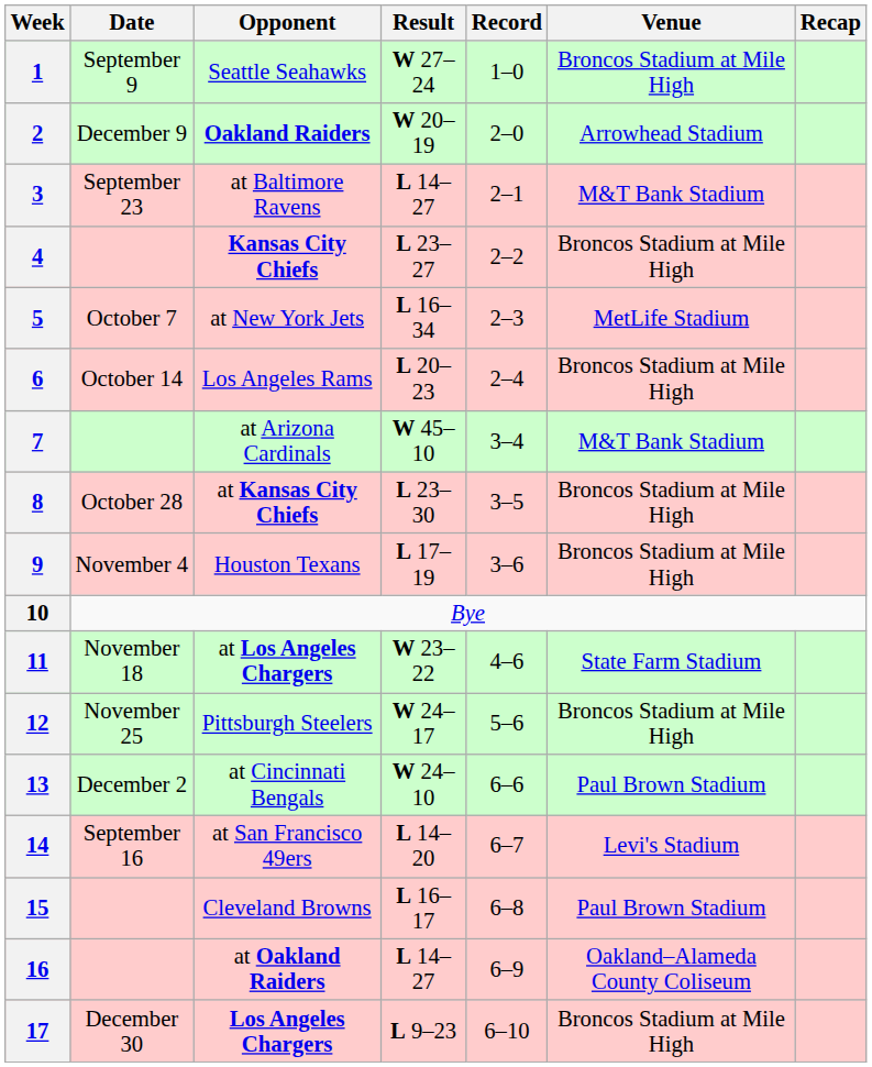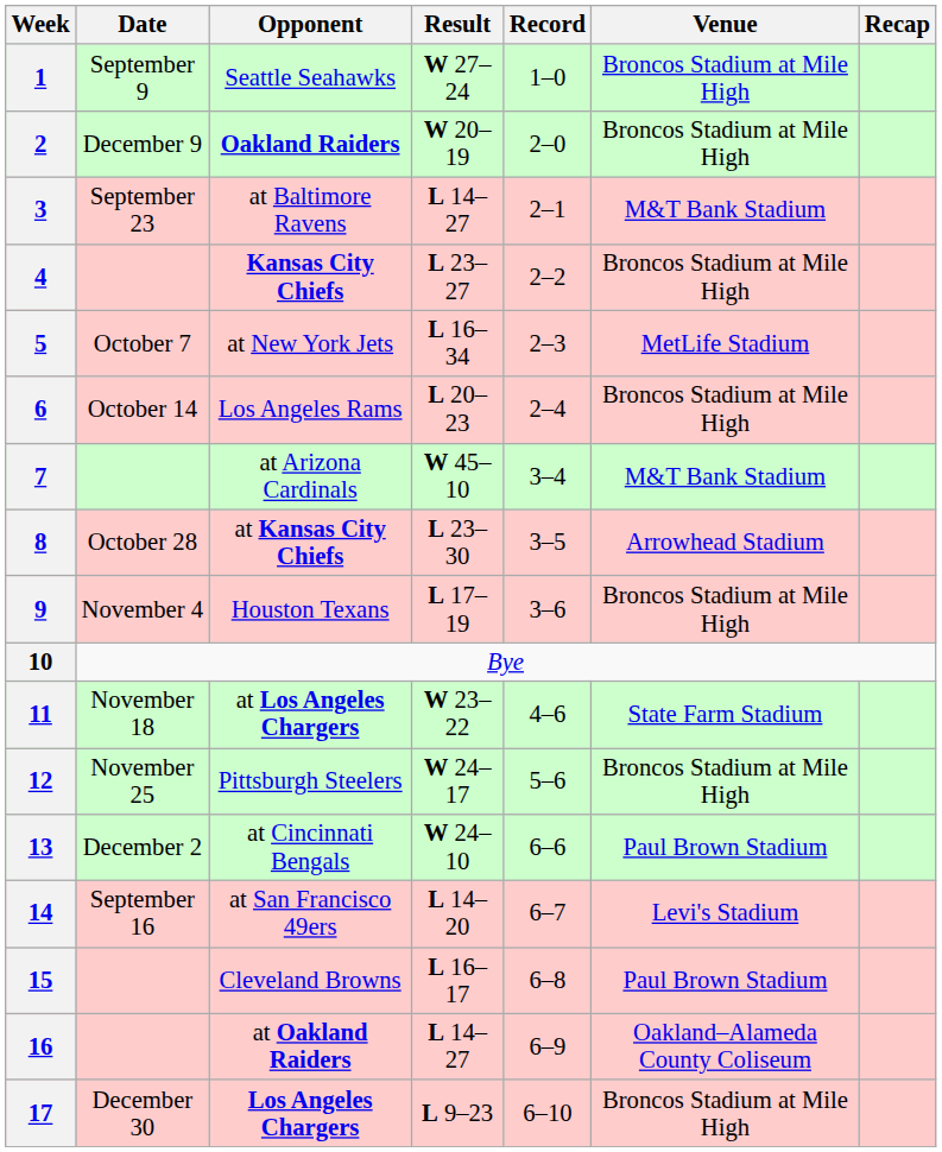 <table class="wikitable" style="text-align:center">
 <tr>
 <th>Week</th>
 <th>Date</th>
 <th>Opponent</th>
 <th>Result</th>
 <th>Record</th>
 <th>Venue</th>
 <th>Recap</th>
 </tr>
 <tr style="background:#cfc">
 <th><a href='#'>1</a></th>
 <td>September 9</td>
 <td><a href='#'>Seattle Seahawks</a></td>
 <td><strong>W</strong> 27–24</td>
 <td>1–0</td>
 <td><a href='#'>Broncos Stadium at Mile High</a></td>
 <td></td>
 </tr>
 <tr style="background:#cfc">
 <th><a href='#'>2</a></th>
 <td>December 9</td>
 <td><strong><a href='#'>Oakland Raiders</a></strong></td>
 <td><strong>W</strong> 20–19</td>
 <td>2–0</td>
-<td><a href='#'>Arrowhead Stadium</a></td>
+<td>Broncos Stadium at Mile High</td>
 <td></td>
 </tr>
 <tr style="background:#fcc">
 <th><a href='#'>3</a></th>
 <td>September 23</td>
 <td>at <a href='#'>Baltimore Ravens</a></td>
 <td><strong>L</strong> 14–27</td>
 <td>2–1</td>
 <td><a href='#'>M&T Bank Stadium</a></td>
 <td></td>
 </tr>
 <tr style="background:#fcc">
 <th><a href='#'>4</a></th>
 <td></td>
 <td><strong><a href='#'>Kansas City Chiefs</a></strong></td>
 <td><strong>L</strong> 23–27</td>
 <td>2–2</td>
 <td>Broncos Stadium at Mile High</td>
 <td></td>
 </tr>
 <tr style="background:#fcc">
 <th><a href='#'>5</a></th>
 <td>October 7</td>
 <td>at <a href='#'>New York Jets</a></td>
 <td><strong>L</strong> 16–34</td>
 <td>2–3</td>
 <td><a href='#'>MetLife Stadium</a></td>
 <td></td>
 </tr>
 <tr style="background:#fcc">
 <th><a href='#'>6</a></th>
 <td>October 14</td>
 <td><a href='#'>Los Angeles Rams</a></td>
 <td><strong>L</strong> 20–23</td>
 <td>2–4</td>
 <td>Broncos Stadium at Mile High</td>
 <td></td>
 </tr>
 <tr style="background:#cfc">
 <th><a href='#'>7</a></th>
 <td></td>
 <td>at <a href='#'>Arizona Cardinals</a></td>
 <td><strong>W</strong> 45–10</td>
 <td>3–4</td>
 <td><a href='#'>M&T Bank Stadium</a></td>
 <td></td>
 </tr>
 <tr style="background:#fcc">
 <th><a href='#'>8</a></th>
 <td>October 28</td>
 <td>at <strong><a href='#'>Kansas City Chiefs</a></strong></td>
 <td><strong>L</strong> 23–30</td>
 <td>3–5</td>
-<td>Broncos Stadium at Mile High</td>
+<td><a href='#'>Arrowhead Stadium</a></td>
 <td></td>
 </tr>
 <tr style="background:#fcc">
 <th><a href='#'>9</a></th>
 <td>November 4</td>
 <td><a href='#'>Houston Texans</a></td>
 <td><strong>L</strong> 17–19</td>
 <td>3–6</td>
 <td>Broncos Stadium at Mile High</td>
 <td></td>
 </tr>
 <tr>
 <th>10</th>
 <td colspan="6"><em><a href='#'>Bye</a></em></td>
 </tr>
 <tr style="background:#cfc">
 <th><a href='#'>11</a></th>
 <td>November 18</td>
 <td>at <strong><a href='#'>Los Angeles Chargers</a></strong></td>
 <td><strong>W</strong> 23–22</td>
 <td>4–6</td>
 <td><a href='#'>State Farm Stadium</a></td>
 <td></td>
 </tr>
 <tr style="background:#cfc">
 <th><a href='#'>12</a></th>
 <td>November 25</td>
 <td><a href='#'>Pittsburgh Steelers</a></td>
 <td><strong>W</strong> 24–17</td>
 <td>5–6</td>
 <td>Broncos Stadium at Mile High</td>
 <td></td>
 </tr>
 <tr style="background:#cfc">
 <th><a href='#'>13</a></th>
 <td>December 2</td>
 <td>at <a href='#'>Cincinnati Bengals</a></td>
 <td><strong>W</strong> 24–10</td>
 <td>6–6</td>
 <td><a href='#'>Paul Brown Stadium</a></td>
 <td></td>
 </tr>
 <tr style="background:#fcc">
 <th><a href='#'>14</a></th>
 <td>September 16</td>
 <td>at <a href='#'>San Francisco 49ers</a></td>
 <td><strong>L</strong> 14–20</td>
 <td>6–7</td>
 <td><a href='#'>Levi's Stadium</a></td>
 <td></td>
 </tr>
 <tr style="background:#fcc">
 <th><a href='#'>15</a></th>
 <td></td>
 <td><a href='#'>Cleveland Browns</a></td>
 <td><strong>L</strong> 16–17</td>
 <td>6–8</td>
 <td><a href='#'>Paul Brown Stadium</a></td>
 <td></td>
 </tr>
 <tr style="background:#fcc">
 <th><a href='#'>16</a></th>
 <td></td>
 <td>at <strong><a href='#'>Oakland Raiders</a></strong></td>
 <td><strong>L</strong> 14–27</td>
 <td>6–9</td>
 <td><a href='#'>Oakland–Alameda County Coliseum</a></td>
 <td></td>
 </tr>
 <tr style="background:#fcc">
 <th><a href='#'>17</a></th>
 <td>December 30</td>
 <td><strong><a href='#'>Los Angeles Chargers</a></strong></td>
 <td><strong>L</strong> 9–23</td>
 <td>6–10</td>
 <td>Broncos Stadium at Mile High</td>
 <td></td>
 </tr>
 </table>
